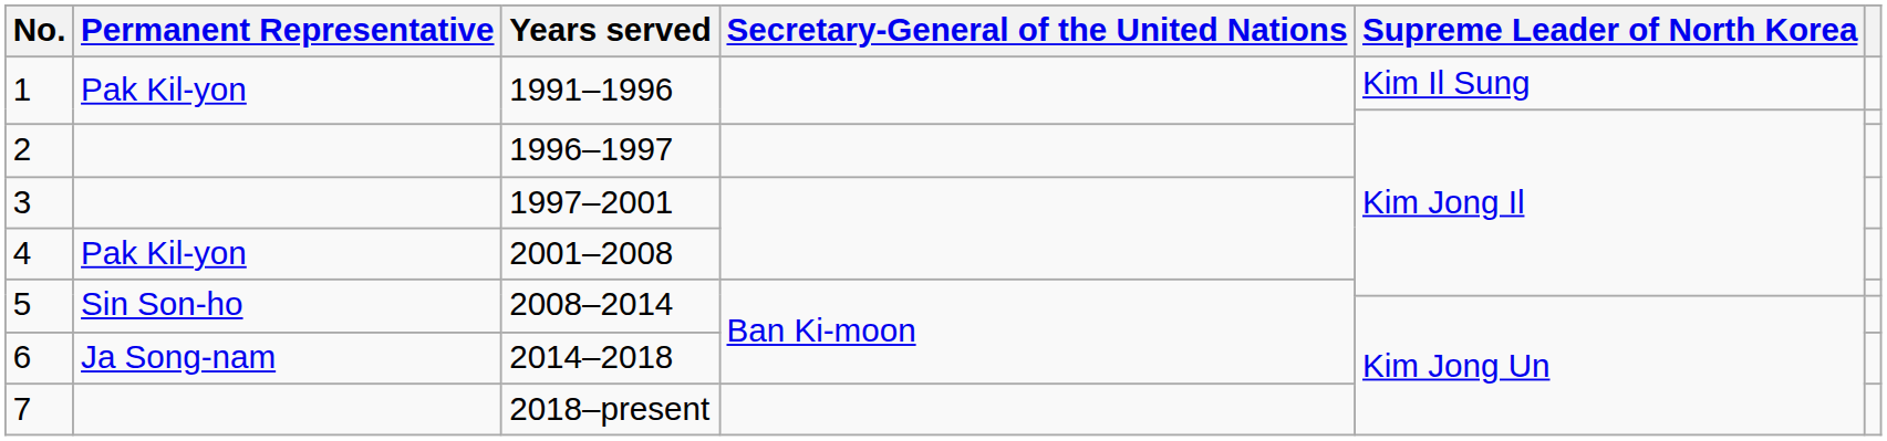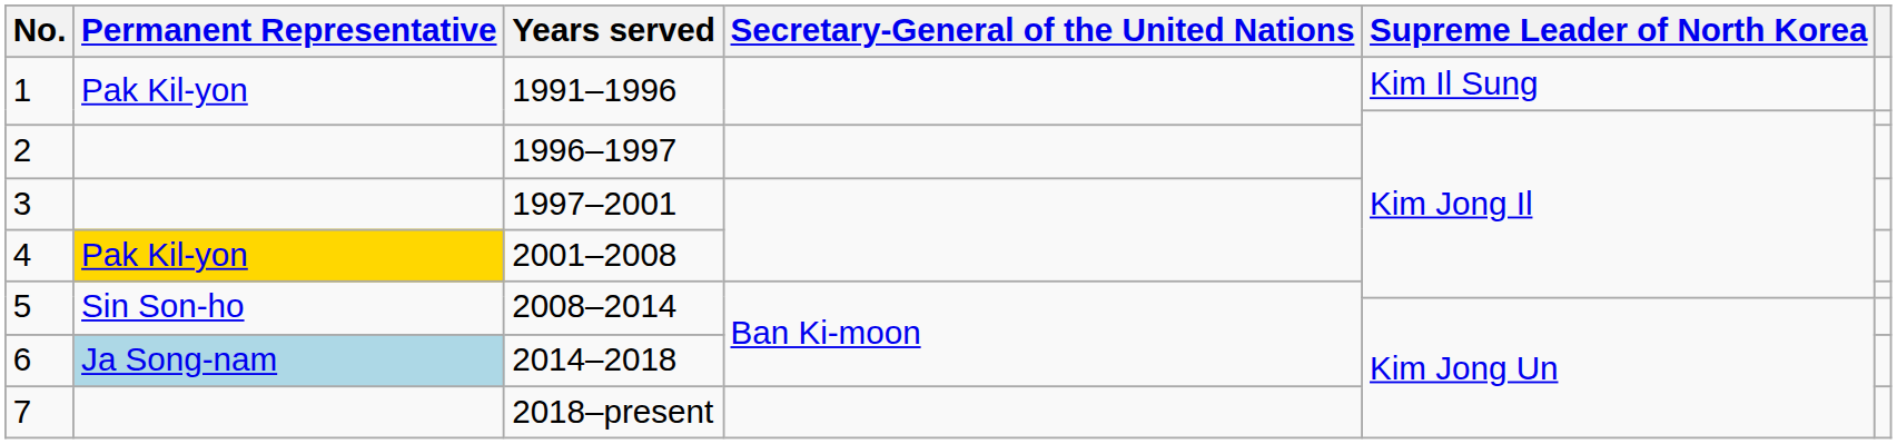 <table class="wikitable sortable">
 <tr>
 <th>No.</th>
 <th><a href='#'>Permanent Representative</a></th>
 <th>Years served</th>
 <th><a href='#'>Secretary-General of the United Nations</a></th>
 <th><a href='#'>Supreme Leader of North Korea</a></th>
 <th class="unsortable"></th>
 </tr>
 <tr>
 <td rowspan="2">1</td>
 <td rowspan="2"><a href='#'>Pak Kil-yon</a></td>
 <td rowspan="2">1991–1996</td>
 <td rowspan="2"></td>
 <td><a href='#'>Kim Il Sung</a></td>
 <td></td>
 </tr>
 <tr>
 <td rowspan="5"><a href='#'>Kim Jong Il</a></td>
 <td></td>
 </tr>
 <tr>
 <td>2</td>
 <td></td>
 <td>1996–1997</td>
 <td></td>
 <td></td>
 </tr>
 <tr>
 <td>3</td>
 <td></td>
 <td>1997–2001</td>
 <td rowspan=2></td>
 <td></td>
 </tr>
 <tr>
 <td>4</td>
-<td><a href='#'>Pak Kil-yon</a></td>
+<td style="background: gold;"><a href='#'>Pak Kil-yon</a></td>
 <td>2001–2008</td>
 <td></td>
 </tr>
 <tr>
 <td rowspan="2">5</td>
 <td rowspan="2"><a href='#'>Sin Son-ho</a></td>
 <td rowspan="2">2008–2014</td>
 <td rowspan="3"><a href='#'>Ban Ki-moon</a></td>
 <td></td>
 </tr>
 <tr>
 <td rowspan="3"><a href='#'>Kim Jong Un</a></td>
 <td></td>
 </tr>
 <tr>
 <td>6</td>
-<td><a href='#'>Ja Song-nam</a></td>
+<td style="background: lightblue;"><a href='#'>Ja Song-nam</a></td>
 <td>2014–2018</td>
 <td></td>
 </tr>
 <tr>
 <td>7</td>
 <td></td>
 <td>2018–present</td>
 <td></td>
 <td></td>
 </tr>
 </table>
